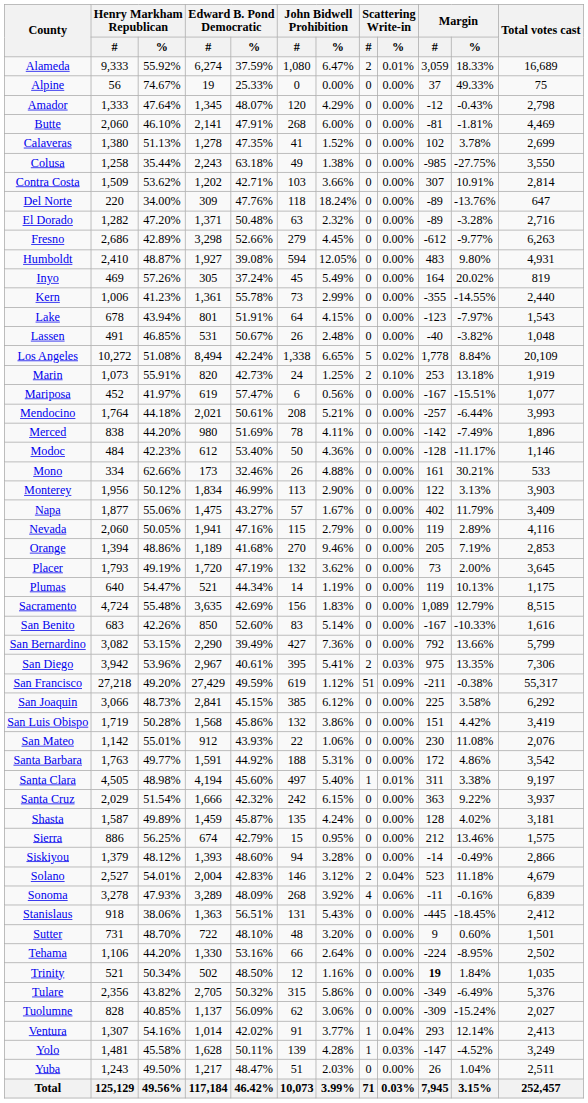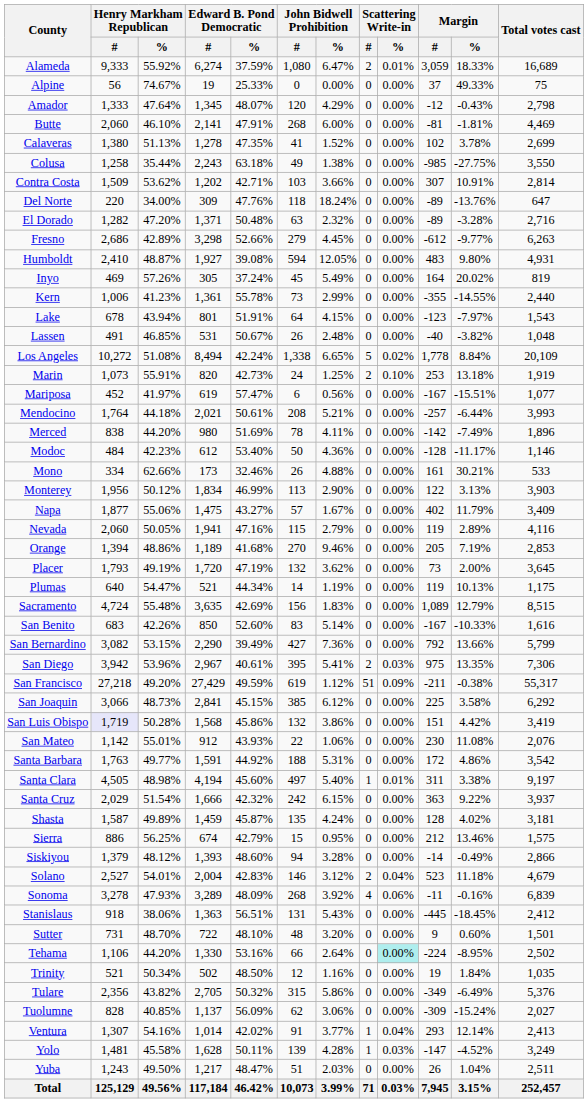 <table class="wikitable sortable" style="text-align:center">
 <tr>
 <th rowspan="2">County</th>
 <th style="text-align:center;" colspan="2">Henry Markham<br>Republican</th>
 <th style="text-align:center;" colspan="2">Edward B. Pond<br>Democratic</th>
 <th style="text-align:center;" colspan="2">John Bidwell<br>Prohibition</th>
 <th style="text-align:center;" colspan="2">Scattering<br>Write-in</th>
 <th style="text-align:center;" colspan="2">Margin</th>
 <th style="text-align:center;" rowspan="2">Total votes cast</th>
 </tr>
 <tr>
 <th style="text-align:center;" data-sort-type="number">#</th>
 <th style="text-align:center;" data-sort-type="number">%</th>
 <th style="text-align:center;" data-sort-type="number">#</th>
 <th style="text-align:center;" data-sort-type="number">%</th>
 <th style="text-align:center;" data-sort-type="number">#</th>
 <th style="text-align:center;" data-sort-type="number">%</th>
 <th style="text-align:center;" data-sort-type="number">#</th>
 <th style="text-align:center;" data-sort-type="number">%</th>
 <th style="text-align:center;" data-sort-type="number">#</th>
 <th style="text-align:center;" data-sort-type="number">%</th>
 </tr>
 <tr style="text-align:center;">
 <td><a href='#'>Alameda</a></td>
 <td>9,333</td>
 <td>55.92%</td>
 <td>6,274</td>
 <td>37.59%</td>
 <td>1,080</td>
 <td>6.47%</td>
 <td>2</td>
 <td>0.01%</td>
 <td>3,059</td>
 <td>18.33%</td>
 <td>16,689</td>
 </tr>
 <tr style="text-align:center;">
 <td><a href='#'>Alpine</a></td>
 <td>56</td>
 <td>74.67%</td>
 <td>19</td>
 <td>25.33%</td>
 <td>0</td>
 <td>0.00%</td>
 <td>0</td>
 <td>0.00%</td>
 <td>37</td>
 <td>49.33%</td>
 <td>75</td>
 </tr>
 <tr style="text-align:center;">
 <td><a href='#'>Amador</a></td>
 <td>1,333</td>
 <td>47.64%</td>
 <td>1,345</td>
 <td>48.07%</td>
 <td>120</td>
 <td>4.29%</td>
 <td>0</td>
 <td>0.00%</td>
 <td>-12</td>
 <td>-0.43%</td>
 <td>2,798</td>
 </tr>
 <tr style="text-align:center;">
 <td><a href='#'>Butte</a></td>
 <td>2,060</td>
 <td>46.10%</td>
 <td>2,141</td>
 <td>47.91%</td>
 <td>268</td>
 <td>6.00%</td>
 <td>0</td>
 <td>0.00%</td>
 <td>-81</td>
 <td>-1.81%</td>
 <td>4,469</td>
 </tr>
 <tr style="text-align:center;">
 <td><a href='#'>Calaveras</a></td>
 <td>1,380</td>
 <td>51.13%</td>
 <td>1,278</td>
 <td>47.35%</td>
 <td>41</td>
 <td>1.52%</td>
 <td>0</td>
 <td>0.00%</td>
 <td>102</td>
 <td>3.78%</td>
 <td>2,699</td>
 </tr>
 <tr style="text-align:center;">
 <td><a href='#'>Colusa</a></td>
 <td>1,258</td>
 <td>35.44%</td>
 <td>2,243</td>
 <td>63.18%</td>
 <td>49</td>
 <td>1.38%</td>
 <td>0</td>
 <td>0.00%</td>
 <td>-985</td>
 <td>-27.75%</td>
 <td>3,550</td>
 </tr>
 <tr style="text-align:center;">
 <td><a href='#'>Contra Costa</a></td>
 <td>1,509</td>
 <td>53.62%</td>
 <td>1,202</td>
 <td>42.71%</td>
 <td>103</td>
 <td>3.66%</td>
 <td>0</td>
 <td>0.00%</td>
 <td>307</td>
 <td>10.91%</td>
 <td>2,814</td>
 </tr>
 <tr style="text-align:center;">
 <td><a href='#'>Del Norte</a></td>
 <td>220</td>
 <td>34.00%</td>
 <td>309</td>
 <td>47.76%</td>
 <td>118</td>
 <td>18.24%</td>
 <td>0</td>
 <td>0.00%</td>
 <td>-89</td>
 <td>-13.76%</td>
 <td>647</td>
 </tr>
 <tr style="text-align:center;">
 <td><a href='#'>El Dorado</a></td>
 <td>1,282</td>
 <td>47.20%</td>
 <td>1,371</td>
 <td>50.48%</td>
 <td>63</td>
 <td>2.32%</td>
 <td>0</td>
 <td>0.00%</td>
 <td>-89</td>
 <td>-3.28%</td>
 <td>2,716</td>
 </tr>
 <tr style="text-align:center;">
 <td><a href='#'>Fresno</a></td>
 <td>2,686</td>
 <td>42.89%</td>
 <td>3,298</td>
 <td>52.66%</td>
 <td>279</td>
 <td>4.45%</td>
 <td>0</td>
 <td>0.00%</td>
 <td>-612</td>
 <td>-9.77%</td>
 <td>6,263</td>
 </tr>
 <tr style="text-align:center;">
 <td><a href='#'>Humboldt</a></td>
 <td>2,410</td>
 <td>48.87%</td>
 <td>1,927</td>
 <td>39.08%</td>
 <td>594</td>
 <td>12.05%</td>
 <td>0</td>
 <td>0.00%</td>
 <td>483</td>
 <td>9.80%</td>
 <td>4,931</td>
 </tr>
 <tr style="text-align:center;">
 <td><a href='#'>Inyo</a></td>
 <td>469</td>
 <td>57.26%</td>
 <td>305</td>
 <td>37.24%</td>
 <td>45</td>
 <td>5.49%</td>
 <td>0</td>
 <td>0.00%</td>
 <td>164</td>
 <td>20.02%</td>
 <td>819</td>
 </tr>
 <tr style="text-align:center;">
 <td><a href='#'>Kern</a></td>
 <td>1,006</td>
 <td>41.23%</td>
 <td>1,361</td>
 <td>55.78%</td>
 <td>73</td>
 <td>2.99%</td>
 <td>0</td>
 <td>0.00%</td>
 <td>-355</td>
 <td>-14.55%</td>
 <td>2,440</td>
 </tr>
 <tr style="text-align:center;">
 <td><a href='#'>Lake</a></td>
 <td>678</td>
 <td>43.94%</td>
 <td>801</td>
 <td>51.91%</td>
 <td>64</td>
 <td>4.15%</td>
 <td>0</td>
 <td>0.00%</td>
 <td>-123</td>
 <td>-7.97%</td>
 <td>1,543</td>
 </tr>
 <tr style="text-align:center;">
 <td><a href='#'>Lassen</a></td>
 <td>491</td>
 <td>46.85%</td>
 <td>531</td>
 <td>50.67%</td>
 <td>26</td>
 <td>2.48%</td>
 <td>0</td>
 <td>0.00%</td>
 <td>-40</td>
 <td>-3.82%</td>
 <td>1,048</td>
 </tr>
 <tr style="text-align:center;">
 <td><a href='#'>Los Angeles</a></td>
 <td>10,272</td>
 <td>51.08%</td>
 <td>8,494</td>
 <td>42.24%</td>
 <td>1,338</td>
 <td>6.65%</td>
 <td>5</td>
 <td>0.02%</td>
 <td>1,778</td>
 <td>8.84%</td>
 <td>20,109</td>
 </tr>
 <tr style="text-align:center;">
 <td><a href='#'>Marin</a></td>
 <td>1,073</td>
 <td>55.91%</td>
 <td>820</td>
 <td>42.73%</td>
 <td>24</td>
 <td>1.25%</td>
 <td>2</td>
 <td>0.10%</td>
 <td>253</td>
 <td>13.18%</td>
 <td>1,919</td>
 </tr>
 <tr style="text-align:center;">
 <td><a href='#'>Mariposa</a></td>
 <td>452</td>
 <td>41.97%</td>
 <td>619</td>
 <td>57.47%</td>
 <td>6</td>
 <td>0.56%</td>
 <td>0</td>
 <td>0.00%</td>
 <td>-167</td>
 <td>-15.51%</td>
 <td>1,077</td>
 </tr>
 <tr style="text-align:center;">
 <td><a href='#'>Mendocino</a></td>
 <td>1,764</td>
 <td>44.18%</td>
 <td>2,021</td>
 <td>50.61%</td>
 <td>208</td>
 <td>5.21%</td>
 <td>0</td>
 <td>0.00%</td>
 <td>-257</td>
 <td>-6.44%</td>
 <td>3,993</td>
 </tr>
 <tr style="text-align:center;">
 <td><a href='#'>Merced</a></td>
 <td>838</td>
 <td>44.20%</td>
 <td>980</td>
 <td>51.69%</td>
 <td>78</td>
 <td>4.11%</td>
 <td>0</td>
 <td>0.00%</td>
 <td>-142</td>
 <td>-7.49%</td>
 <td>1,896</td>
 </tr>
 <tr style="text-align:center;">
 <td><a href='#'>Modoc</a></td>
 <td>484</td>
 <td>42.23%</td>
 <td>612</td>
 <td>53.40%</td>
 <td>50</td>
 <td>4.36%</td>
 <td>0</td>
 <td>0.00%</td>
 <td>-128</td>
 <td>-11.17%</td>
 <td>1,146</td>
 </tr>
 <tr style="text-align:center;">
 <td><a href='#'>Mono</a></td>
 <td>334</td>
 <td>62.66%</td>
 <td>173</td>
 <td>32.46%</td>
 <td>26</td>
 <td>4.88%</td>
 <td>0</td>
 <td>0.00%</td>
 <td>161</td>
 <td>30.21%</td>
 <td>533</td>
 </tr>
 <tr style="text-align:center;">
 <td><a href='#'>Monterey</a></td>
 <td>1,956</td>
 <td>50.12%</td>
 <td>1,834</td>
 <td>46.99%</td>
 <td>113</td>
 <td>2.90%</td>
 <td>0</td>
 <td>0.00%</td>
 <td>122</td>
 <td>3.13%</td>
 <td>3,903</td>
 </tr>
 <tr style="text-align:center;">
 <td><a href='#'>Napa</a></td>
 <td>1,877</td>
 <td>55.06%</td>
 <td>1,475</td>
 <td>43.27%</td>
 <td>57</td>
 <td>1.67%</td>
 <td>0</td>
 <td>0.00%</td>
 <td>402</td>
 <td>11.79%</td>
 <td>3,409</td>
 </tr>
 <tr style="text-align:center;">
 <td><a href='#'>Nevada</a></td>
 <td>2,060</td>
 <td>50.05%</td>
 <td>1,941</td>
 <td>47.16%</td>
 <td>115</td>
 <td>2.79%</td>
 <td>0</td>
 <td>0.00%</td>
 <td>119</td>
 <td>2.89%</td>
 <td>4,116</td>
 </tr>
 <tr style="text-align:center;">
 <td><a href='#'>Orange</a></td>
 <td>1,394</td>
 <td>48.86%</td>
 <td>1,189</td>
 <td>41.68%</td>
 <td>270</td>
 <td>9.46%</td>
 <td>0</td>
 <td>0.00%</td>
 <td>205</td>
 <td>7.19%</td>
 <td>2,853</td>
 </tr>
 <tr style="text-align:center;">
 <td><a href='#'>Placer</a></td>
 <td>1,793</td>
 <td>49.19%</td>
 <td>1,720</td>
 <td>47.19%</td>
 <td>132</td>
 <td>3.62%</td>
 <td>0</td>
 <td>0.00%</td>
 <td>73</td>
 <td>2.00%</td>
 <td>3,645</td>
 </tr>
 <tr style="text-align:center;">
 <td><a href='#'>Plumas</a></td>
 <td>640</td>
 <td>54.47%</td>
 <td>521</td>
 <td>44.34%</td>
 <td>14</td>
 <td>1.19%</td>
 <td>0</td>
 <td>0.00%</td>
 <td>119</td>
 <td>10.13%</td>
 <td>1,175</td>
 </tr>
 <tr style="text-align:center;">
 <td><a href='#'>Sacramento</a></td>
 <td>4,724</td>
 <td>55.48%</td>
 <td>3,635</td>
 <td>42.69%</td>
 <td>156</td>
 <td>1.83%</td>
 <td>0</td>
 <td>0.00%</td>
 <td>1,089</td>
 <td>12.79%</td>
 <td>8,515</td>
 </tr>
 <tr style="text-align:center;">
 <td><a href='#'>San Benito</a></td>
 <td>683</td>
 <td>42.26%</td>
 <td>850</td>
 <td>52.60%</td>
 <td>83</td>
 <td>5.14%</td>
 <td>0</td>
 <td>0.00%</td>
 <td>-167</td>
 <td>-10.33%</td>
 <td>1,616</td>
 </tr>
 <tr style="text-align:center;">
 <td><a href='#'>San Bernardino</a></td>
 <td>3,082</td>
 <td>53.15%</td>
 <td>2,290</td>
 <td>39.49%</td>
 <td>427</td>
 <td>7.36%</td>
 <td>0</td>
 <td>0.00%</td>
 <td>792</td>
 <td>13.66%</td>
 <td>5,799</td>
 </tr>
 <tr style="text-align:center;">
 <td><a href='#'>San Diego</a></td>
 <td>3,942</td>
 <td>53.96%</td>
 <td>2,967</td>
 <td>40.61%</td>
 <td>395</td>
 <td>5.41%</td>
 <td>2</td>
 <td>0.03%</td>
 <td>975</td>
 <td>13.35%</td>
 <td>7,306</td>
 </tr>
 <tr style="text-align:center;">
 <td><a href='#'>San Francisco</a></td>
 <td>27,218</td>
 <td>49.20%</td>
 <td>27,429</td>
 <td>49.59%</td>
 <td>619</td>
 <td>1.12%</td>
 <td>51</td>
 <td>0.09%</td>
 <td>-211</td>
 <td>-0.38%</td>
 <td>55,317</td>
 </tr>
 <tr style="text-align:center;">
 <td><a href='#'>San Joaquin</a></td>
 <td>3,066</td>
 <td>48.73%</td>
 <td>2,841</td>
 <td>45.15%</td>
 <td>385</td>
 <td>6.12%</td>
 <td>0</td>
 <td>0.00%</td>
 <td>225</td>
 <td>3.58%</td>
 <td>6,292</td>
 </tr>
 <tr style="text-align:center;">
 <td><a href='#'>San Luis Obispo</a></td>
-<td>1,719</td>
+<td style="background: lavender;">1,719</td>
 <td>50.28%</td>
 <td>1,568</td>
 <td>45.86%</td>
 <td>132</td>
 <td>3.86%</td>
 <td>0</td>
 <td>0.00%</td>
 <td>151</td>
 <td>4.42%</td>
 <td>3,419</td>
 </tr>
 <tr style="text-align:center;">
 <td><a href='#'>San Mateo</a></td>
 <td>1,142</td>
 <td>55.01%</td>
 <td>912</td>
 <td>43.93%</td>
 <td>22</td>
 <td>1.06%</td>
 <td>0</td>
 <td>0.00%</td>
 <td>230</td>
 <td>11.08%</td>
 <td>2,076</td>
 </tr>
 <tr style="text-align:center;">
 <td><a href='#'>Santa Barbara</a></td>
 <td>1,763</td>
 <td>49.77%</td>
 <td>1,591</td>
 <td>44.92%</td>
 <td>188</td>
 <td>5.31%</td>
 <td>0</td>
 <td>0.00%</td>
 <td>172</td>
 <td>4.86%</td>
 <td>3,542</td>
 </tr>
 <tr style="text-align:center;">
 <td><a href='#'>Santa Clara</a></td>
 <td>4,505</td>
 <td>48.98%</td>
 <td>4,194</td>
 <td>45.60%</td>
 <td>497</td>
 <td>5.40%</td>
 <td>1</td>
 <td>0.01%</td>
 <td>311</td>
 <td>3.38%</td>
 <td>9,197</td>
 </tr>
 <tr style="text-align:center;">
 <td><a href='#'>Santa Cruz</a></td>
 <td>2,029</td>
 <td>51.54%</td>
 <td>1,666</td>
 <td>42.32%</td>
 <td>242</td>
 <td>6.15%</td>
 <td>0</td>
 <td>0.00%</td>
 <td>363</td>
 <td>9.22%</td>
 <td>3,937</td>
 </tr>
 <tr style="text-align:center;">
 <td><a href='#'>Shasta</a></td>
 <td>1,587</td>
 <td>49.89%</td>
 <td>1,459</td>
 <td>45.87%</td>
 <td>135</td>
 <td>4.24%</td>
 <td>0</td>
 <td>0.00%</td>
 <td>128</td>
 <td>4.02%</td>
 <td>3,181</td>
 </tr>
 <tr style="text-align:center;">
 <td><a href='#'>Sierra</a></td>
 <td>886</td>
 <td>56.25%</td>
 <td>674</td>
 <td>42.79%</td>
 <td>15</td>
 <td>0.95%</td>
 <td>0</td>
 <td>0.00%</td>
 <td>212</td>
 <td>13.46%</td>
 <td>1,575</td>
 </tr>
 <tr style="text-align:center;">
 <td><a href='#'>Siskiyou</a></td>
 <td>1,379</td>
 <td>48.12%</td>
 <td>1,393</td>
 <td>48.60%</td>
 <td>94</td>
 <td>3.28%</td>
 <td>0</td>
 <td>0.00%</td>
 <td>-14</td>
 <td>-0.49%</td>
 <td>2,866</td>
 </tr>
 <tr style="text-align:center;">
 <td><a href='#'>Solano</a></td>
 <td>2,527</td>
 <td>54.01%</td>
 <td>2,004</td>
 <td>42.83%</td>
 <td>146</td>
 <td>3.12%</td>
 <td>2</td>
 <td>0.04%</td>
 <td>523</td>
 <td>11.18%</td>
 <td>4,679</td>
 </tr>
 <tr style="text-align:center;">
 <td><a href='#'>Sonoma</a></td>
 <td>3,278</td>
 <td>47.93%</td>
 <td>3,289</td>
 <td>48.09%</td>
 <td>268</td>
 <td>3.92%</td>
 <td>4</td>
 <td>0.06%</td>
 <td>-11</td>
 <td>-0.16%</td>
 <td>6,839</td>
 </tr>
 <tr style="text-align:center;">
 <td><a href='#'>Stanislaus</a></td>
 <td>918</td>
 <td>38.06%</td>
 <td>1,363</td>
 <td>56.51%</td>
 <td>131</td>
 <td>5.43%</td>
 <td>0</td>
 <td>0.00%</td>
 <td>-445</td>
 <td>-18.45%</td>
 <td>2,412</td>
 </tr>
 <tr style="text-align:center;">
 <td><a href='#'>Sutter</a></td>
 <td>731</td>
 <td>48.70%</td>
 <td>722</td>
 <td>48.10%</td>
 <td>48</td>
 <td>3.20%</td>
 <td>0</td>
 <td>0.00%</td>
 <td>9</td>
 <td>0.60%</td>
 <td>1,501</td>
 </tr>
 <tr style="text-align:center;">
 <td><a href='#'>Tehama</a></td>
 <td>1,106</td>
 <td>44.20%</td>
 <td>1,330</td>
 <td>53.16%</td>
 <td>66</td>
 <td>2.64%</td>
 <td>0</td>
-<td>0.00%</td>
+<td style="background: paleturquoise;">0.00%</td>
 <td>-224</td>
 <td>-8.95%</td>
 <td>2,502</td>
 </tr>
 <tr style="text-align:center;">
 <td><a href='#'>Trinity</a></td>
 <td>521</td>
 <td>50.34%</td>
 <td>502</td>
 <td>48.50%</td>
 <td>12</td>
 <td>1.16%</td>
 <td>0</td>
 <td>0.00%</td>
-<td><strong>19</strong></td>
+<td>19</td>
 <td>1.84%</td>
 <td>1,035</td>
 </tr>
 <tr style="text-align:center;">
 <td><a href='#'>Tulare</a></td>
 <td>2,356</td>
 <td>43.82%</td>
 <td>2,705</td>
 <td>50.32%</td>
 <td>315</td>
 <td>5.86%</td>
 <td>0</td>
 <td>0.00%</td>
 <td>-349</td>
 <td>-6.49%</td>
 <td>5,376</td>
 </tr>
 <tr style="text-align:center;">
 <td><a href='#'>Tuolumne</a></td>
 <td>828</td>
 <td>40.85%</td>
 <td>1,137</td>
 <td>56.09%</td>
 <td>62</td>
 <td>3.06%</td>
 <td>0</td>
 <td>0.00%</td>
 <td>-309</td>
 <td>-15.24%</td>
 <td>2,027</td>
 </tr>
 <tr style="text-align:center;">
 <td><a href='#'>Ventura</a></td>
 <td>1,307</td>
 <td>54.16%</td>
 <td>1,014</td>
 <td>42.02%</td>
 <td>91</td>
 <td>3.77%</td>
 <td>1</td>
 <td>0.04%</td>
 <td>293</td>
 <td>12.14%</td>
 <td>2,413</td>
 </tr>
 <tr style="text-align:center;">
 <td><a href='#'>Yolo</a></td>
 <td>1,481</td>
 <td>45.58%</td>
 <td>1,628</td>
 <td>50.11%</td>
 <td>139</td>
 <td>4.28%</td>
 <td>1</td>
 <td>0.03%</td>
 <td>-147</td>
 <td>-4.52%</td>
 <td>3,249</td>
 </tr>
 <tr style="text-align:center;">
 <td><a href='#'>Yuba</a></td>
 <td>1,243</td>
 <td>49.50%</td>
 <td>1,217</td>
 <td>48.47%</td>
 <td>51</td>
 <td>2.03%</td>
 <td>0</td>
 <td>0.00%</td>
 <td>26</td>
 <td>1.04%</td>
 <td>2,511</td>
 </tr>
 <tr style="text-align:center;">
 <th>Total</th>
 <th>125,129</th>
 <th>49.56%</th>
 <th>117,184</th>
 <th>46.42%</th>
 <th>10,073</th>
 <th>3.99%</th>
 <th>71</th>
 <th>0.03%</th>
 <th>7,945</th>
 <th>3.15%</th>
 <th>252,457</th>
 </tr>
 </table>
